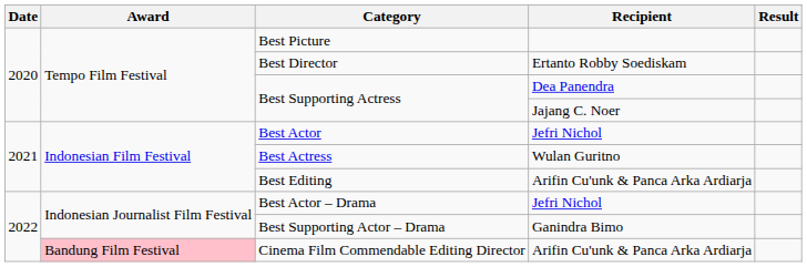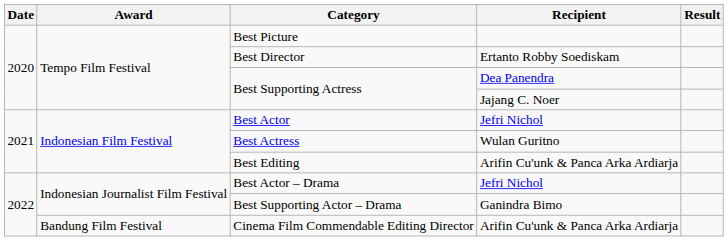 <table class="wikitable">
 <tr>
 <th>Date</th>
 <th>Award</th>
 <th>Category</th>
 <th>Recipient</th>
 <th>Result</th>
 </tr>
 <tr>
 <td rowspan="4">2020</td>
 <td rowspan="4">Tempo Film Festival</td>
 <td>Best Picture</td>
 <td></td>
 <td></td>
 </tr>
 <tr>
 <td>Best Director</td>
 <td>Ertanto Robby Soediskam</td>
 <td></td>
 </tr>
 <tr>
 <td rowspan="2">Best Supporting Actress</td>
 <td><a href='#'>Dea Panendra</a></td>
 <td></td>
 </tr>
 <tr>
 <td>Jajang C. Noer</td>
 <td></td>
 </tr>
 <tr>
 <td rowspan="3">2021</td>
 <td rowspan="3"><a href='#'>Indonesian Film Festival</a></td>
 <td><a href='#'>Best Actor</a></td>
 <td><a href='#'>Jefri Nichol</a></td>
 <td></td>
 </tr>
 <tr>
 <td><a href='#'>Best Actress</a></td>
 <td>Wulan Guritno</td>
 <td></td>
 </tr>
 <tr>
 <td>Best Editing</td>
 <td>Arifin Cu'unk & Panca Arka Ardiarja</td>
 <td></td>
 </tr>
 <tr>
 <td rowspan="3">2022</td>
 <td rowspan="2">Indonesian Journalist Film Festival</td>
 <td>Best Actor – Drama</td>
 <td><a href='#'>Jefri Nichol</a></td>
 <td></td>
 </tr>
 <tr>
 <td>Best Supporting Actor – Drama</td>
 <td>Ganindra Bimo</td>
 <td></td>
 </tr>
 <tr>
-<td style="background: pink;">Bandung Film Festival</td>
+<td>Bandung Film Festival</td>
 <td>Cinema Film Commendable Editing Director</td>
 <td>Arifin Cu'unk & Panca Arka Ardiarja</td>
 <td></td>
 </tr>
 </table>
